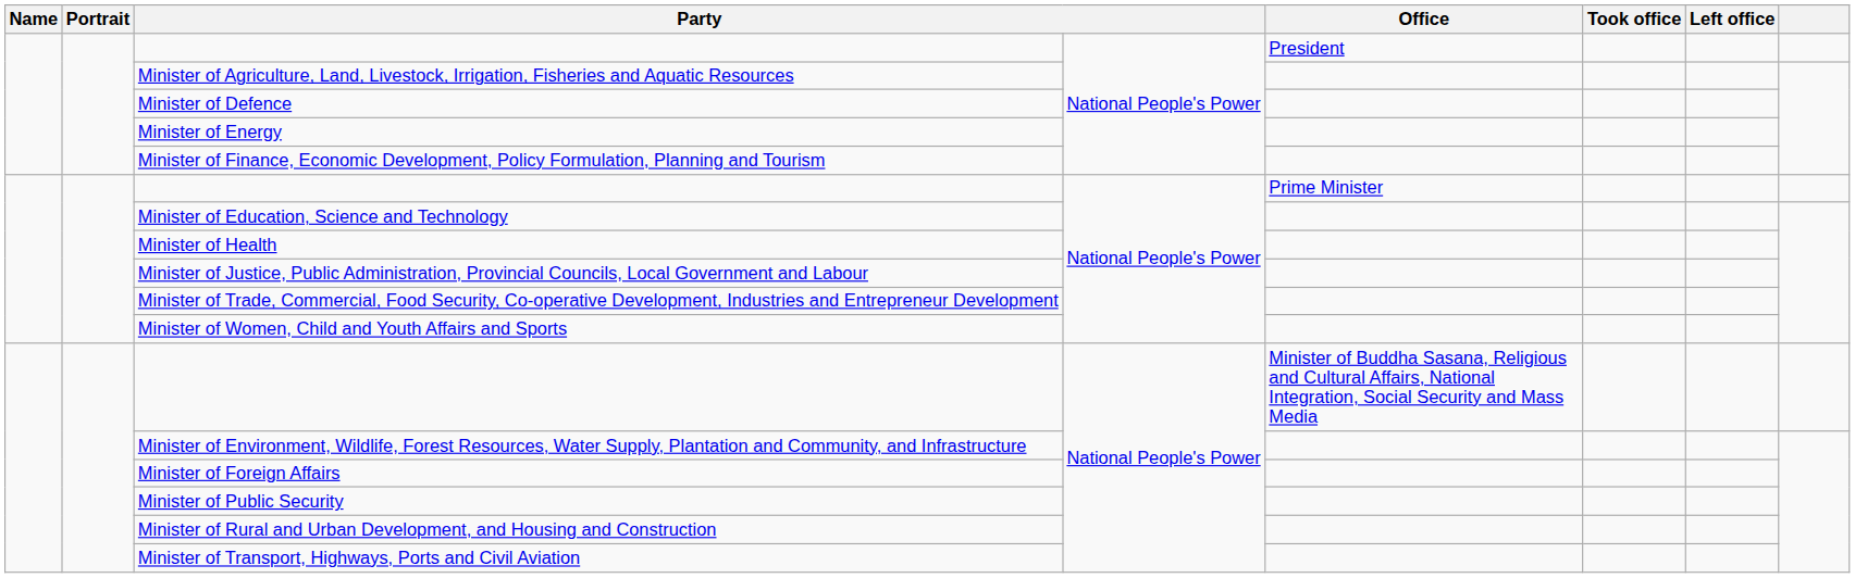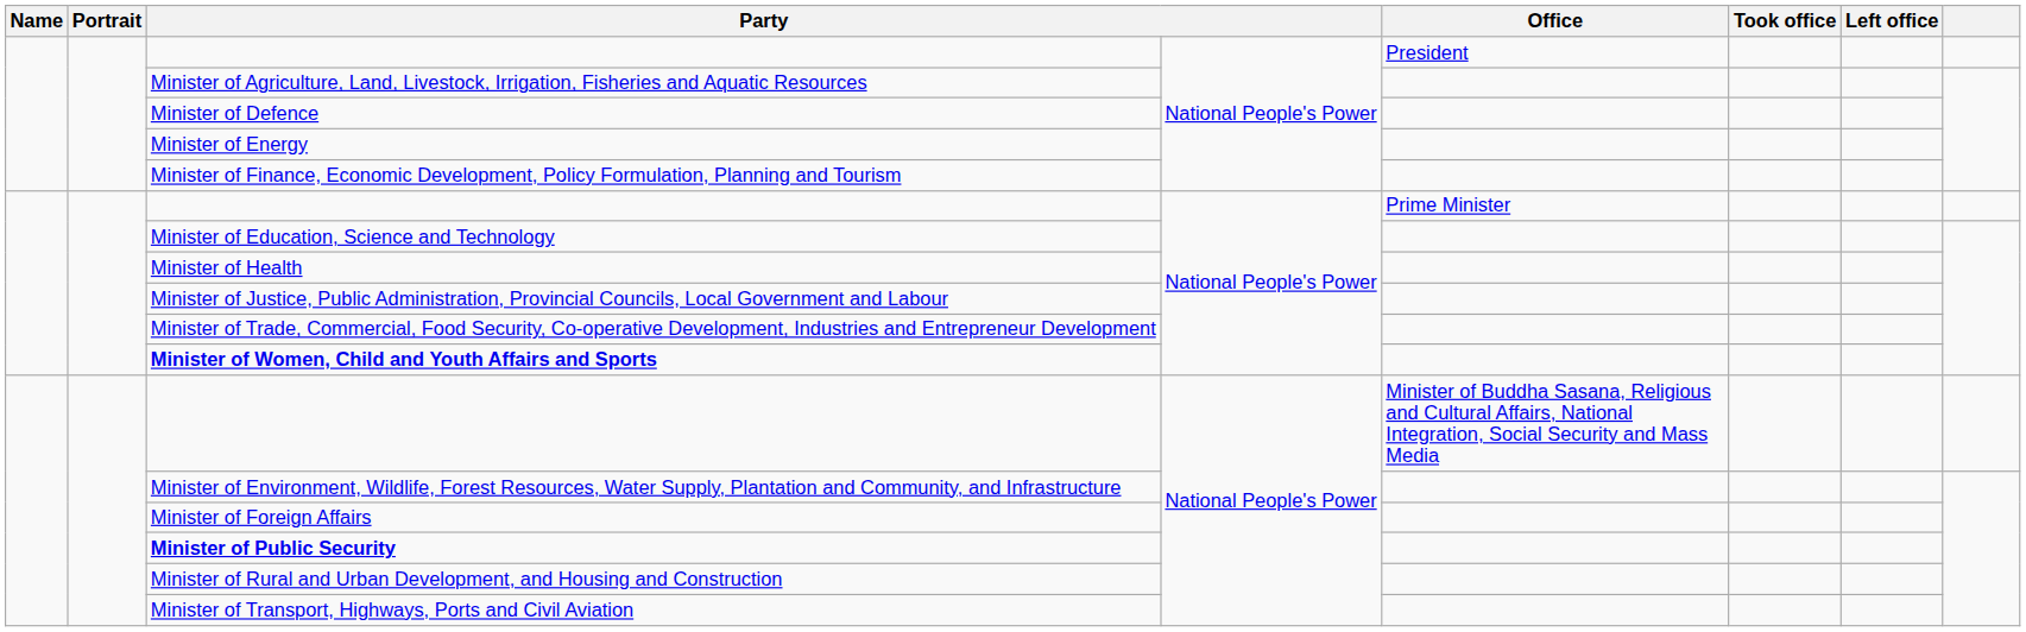 <table class="wikitable sortable mw-collapsible plainrowheaders" style="font-size:90%; text-align:left;">
 <tr>
 <th scope="col">Name</th>
 <th scope="col" class="unsortable">Portrait</th>
 <th colspan="2" scope="col">Party</th>
 <th scope="col" width="250px">Office</th>
 <th scope="col">Took office</th>
 <th scope="col">Left office</th>
 <th scope="col" width="50px" class="unsortable"></th>
 </tr>
 <tr>
 <td rowspan="5"></td>
 <td rowspan="5" align="center"></td>
 <td style="background:"></td>
 <td rowspan="5"><a href='#'>National People's Power</a></td>
 <td><a href='#'>President</a></td>
 <td align="center"></td>
 <td align="center"></td>
 <td align="center"></td>
 </tr>
 <tr>
 <td><a href='#'>Minister of Agriculture, Land, Livestock, Irrigation, Fisheries and Aquatic Resources</a></td>
 <td align="center"></td>
 <td align="center"></td>
 <td align="center"></td>
 </tr>
 <tr>
 <td><a href='#'>Minister of Defence</a></td>
 <td align="center"></td>
 <td align="center"></td>
 <td align="center"></td>
 </tr>
 <tr>
 <td><a href='#'>Minister of Energy</a></td>
 <td align="center"></td>
 <td align="center"></td>
 <td align="center"></td>
 </tr>
 <tr>
 <td><a href='#'>Minister of Finance, Economic Development, Policy Formulation, Planning and Tourism</a></td>
 <td align="center"></td>
 <td align="center"></td>
 <td align="center"></td>
 </tr>
 <tr>
 <td rowspan="6"></td>
 <td rowspan="6" align="center"></td>
 <td style="background:"></td>
 <td rowspan="6"><a href='#'>National People's Power</a></td>
 <td><a href='#'>Prime Minister</a></td>
 <td align="center"></td>
 <td align="center"></td>
 <td align="center"></td>
 </tr>
 <tr>
 <td><a href='#'>Minister of Education, Science and Technology</a></td>
 <td align="center"></td>
 <td align="center"></td>
 <td align="center"></td>
 </tr>
 <tr>
 <td><a href='#'>Minister of Health</a></td>
 <td align="center"></td>
 <td align="center"></td>
 <td align="center"></td>
 </tr>
 <tr>
 <td><a href='#'>Minister of Justice, Public Administration,  Provincial Councils, Local Government and Labour</a></td>
 <td align="center"></td>
 <td align="center"></td>
 <td align="center"></td>
 </tr>
 <tr>
 <td><a href='#'>Minister of Trade, Commercial, Food Security, Co-operative Development, Industries and Entrepreneur Development</a></td>
 <td align="center"></td>
 <td align="center"></td>
 <td align="center"></td>
 </tr>
 <tr>
-<td><a href='#'>Minister of Women, Child and Youth Affairs and Sports</a></td>
+<td><strong><a href='#'>Minister of Women, Child and Youth Affairs and Sports</a></strong></td>
 <td align="center"></td>
 <td align="center"></td>
 <td align="center"></td>
 </tr>
 <tr>
 <td rowspan="6"></td>
 <td rowspan="6" align="center"></td>
 <td style="background:"></td>
 <td rowspan="6"><a href='#'>National People's Power</a></td>
 <td><a href='#'>Minister of Buddha Sasana, Religious and Cultural Affairs, National Integration, Social Security and Mass Media</a></td>
 <td align="center"></td>
 <td align="center"></td>
 <td align="center"></td>
 </tr>
 <tr>
 <td><a href='#'>Minister of Environment, Wildlife, Forest Resources, Water Supply, Plantation and Community, and Infrastructure</a></td>
 <td align="center"></td>
 <td align="center"></td>
 <td align="center"></td>
 </tr>
 <tr>
 <td><a href='#'>Minister of Foreign Affairs</a></td>
 <td align="center"></td>
 <td align="center"></td>
 <td align="center"></td>
 </tr>
 <tr>
-<td><a href='#'>Minister of Public Security</a></td>
+<td><strong><a href='#'>Minister of Public Security</a></strong></td>
 <td align="center"></td>
 <td align="center"></td>
 <td align="center"></td>
 </tr>
 <tr>
 <td><a href='#'>Minister of Rural and Urban Development, and Housing and Construction</a></td>
 <td align="center"></td>
 <td align="center"></td>
 <td align="center"></td>
 </tr>
 <tr>
 <td><a href='#'>Minister of Transport, Highways, Ports and Civil Aviation</a></td>
 <td align="center"></td>
 <td align="center"></td>
 <td align="center"></td>
 </tr>
 </table>
